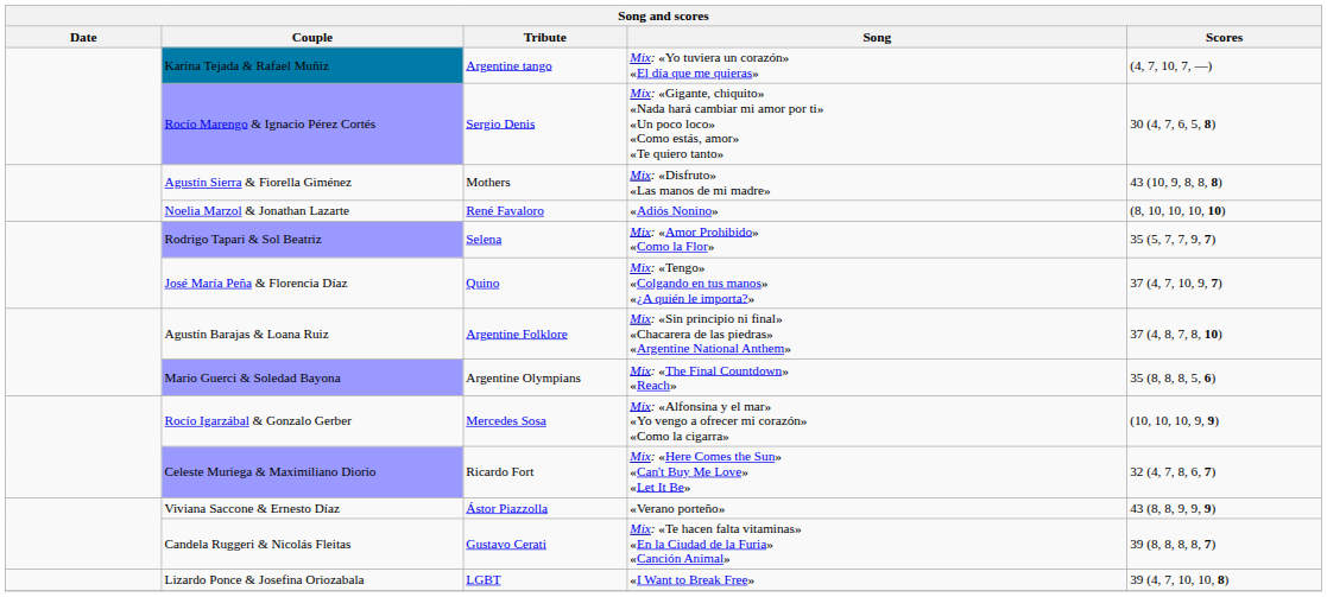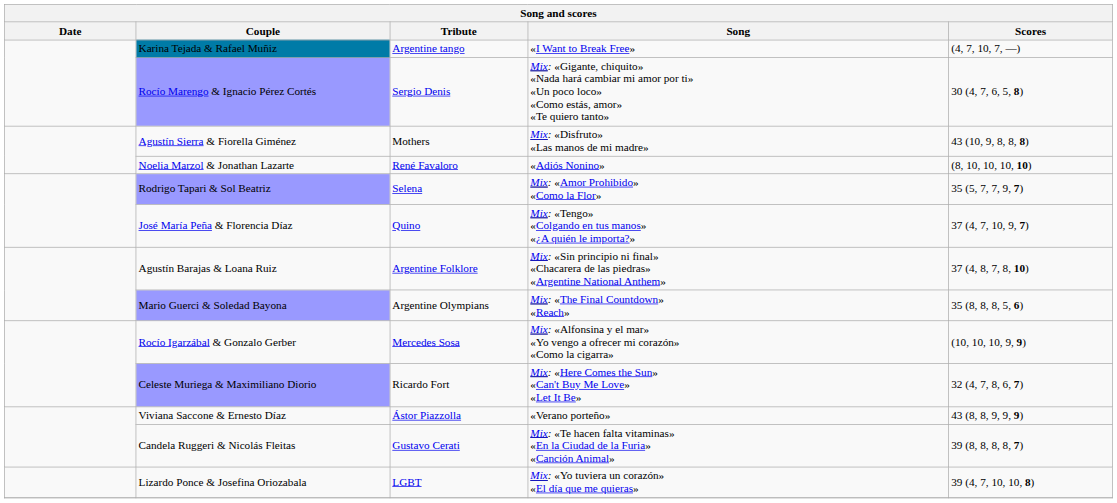 <table class="wikitable collapsible collapsed" style="text-align: align; width: 100%;">
 <tr>
 <th colspan="11" style="with: 100%;" align="center">Song and scores</th>
 </tr>
 <tr>
 <th width=95>Date</th>
 <th width=190>Couple</th>
 <th width=100>Tribute</th>
 <th width=320>Song</th>
 <th width=120>Scores</th>
 </tr>
 <tr>
 <td rowspan="2"></td>
 <td bgcolor="#007BA7">Karina Tejada & Rafael Muñiz</td>
 <td><a href='#'>Argentine tango</a></td>
-<td><em><u><a href='#'>Mix</a></u>:</em> «Yo tuviera un corazón» <br>«<a href='#'>El día que me quieras</a>» </td>
+<td>«<a href='#'>I Want to Break Free</a>» </td>
 <td> (4, 7, 10, 7, <strong>—</strong>)</td>
 </tr>
 <tr>
 <td bgcolor="#9999FF"><a href='#'>Rocío Marengo</a> & Ignacio Pérez Cortés</td>
 <td><a href='#'>Sergio Denis</a></td>
 <td><em><u><a href='#'>Mix</a></u>:</em> «Gigante, chiquito»<br>«Nada hará cambiar mi amor por ti»<br>«Un poco loco»<br>«Como estás, amor»<br>«Te quiero tanto» </td>
 <td>30 (4, 7, 6, 5, <strong>8</strong>)</td>
 </tr>
 <tr>
 <td rowspan="2"></td>
 <td><a href='#'>Agustín Sierra</a> & Fiorella Giménez</td>
 <td>Mothers</td>
 <td><em><u><a href='#'>Mix</a></u>:</em> «Disfruto» <br>«Las manos de mi madre» </td>
 <td>43 (10, 9, 8, 8, <strong>8</strong>)</td>
 </tr>
 <tr>
 <td><a href='#'>Noelia Marzol</a> & Jonathan Lazarte</td>
 <td><a href='#'>René Favaloro</a></td>
 <td>«<a href='#'>Adiós Nonino</a>» </td>
 <td> (8, 10, 10, 10, <strong>10</strong>)</td>
 </tr>
 <tr>
 <td rowspan="2"></td>
 <td bgcolor="#9999FF">Rodrigo Tapari & Sol Beatriz</td>
 <td><a href='#'>Selena</a></td>
 <td><em><u><a href='#'>Mix</a></u>:</em> «<a href='#'>Amor Prohibido</a>» <br>«<a href='#'>Como la Flor</a>» </td>
 <td>35 (5, 7, 7, 9, <strong>7</strong>)</td>
 </tr>
 <tr>
 <td><a href='#'>José María Peña</a> & Florencia Díaz</td>
 <td><a href='#'>Quino</a></td>
 <td><em><u><a href='#'>Mix</a></u>:</em> «Tengo» <br>«<a href='#'>Colgando en tus manos</a>» <br>«<a href='#'>¿A quién le importa?</a>» </td>
 <td>37 (4, 7, 10, 9, <strong>7</strong>)</td>
 </tr>
 <tr>
 <td rowspan="2"></td>
 <td>Agustín Barajas & Loana Ruiz</td>
 <td><a href='#'>Argentine Folklore</a></td>
 <td><em><u><a href='#'>Mix</a></u>:</em> «Sin principio ni final» <br>«Chacarera de las piedras» <br>«<a href='#'>Argentine National Anthem</a>» </td>
 <td>37 (4, 8, 7, 8, <strong>10</strong>)</td>
 </tr>
 <tr>
 <td bgcolor="#9999FF">Mario Guerci & Soledad Bayona</td>
 <td>Argentine Olympians</td>
 <td><em><u><a href='#'>Mix</a></u>:</em> «<a href='#'>The Final Countdown</a>» <br>«<a href='#'>Reach</a>» </td>
 <td>35 (8, 8, 8, 5, <strong>6</strong>)</td>
 </tr>
 <tr>
 <td rowspan="2"></td>
 <td><a href='#'>Rocío Igarzábal</a> & Gonzalo Gerber</td>
 <td><a href='#'>Mercedes Sosa</a></td>
 <td><em><u><a href='#'>Mix</a></u>:</em> «Alfonsina y el mar» <br>«Yo vengo a ofrecer mi corazón» <br>«Como la cigarra» </td>
 <td> (10, 10, 10, 9, <strong>9</strong>)</td>
 </tr>
 <tr>
 <td bgcolor="#9999FF">Celeste Muriega & Maximiliano Diorio</td>
 <td>Ricardo Fort</td>
 <td><em><u><a href='#'>Mix</a></u>:</em> «<a href='#'>Here Comes the Sun</a>»<br>«<a href='#'>Can't Buy Me Love</a>»<br>«<a href='#'>Let It Be</a>» </td>
 <td>32 (4, 7, 8, 6, <strong>7</strong>)</td>
 </tr>
 <tr>
 <td rowspan="2"></td>
 <td>Viviana Saccone & Ernesto Díaz</td>
 <td><a href='#'>Ástor Piazzolla</a></td>
 <td>«Verano porteño» </td>
 <td>43 (8, 8, 9, 9, <strong>9</strong>)</td>
 </tr>
 <tr>
 <td>Candela Ruggeri & Nicolás Fleitas</td>
 <td><a href='#'>Gustavo Cerati</a></td>
 <td><em><u><a href='#'>Mix</a></u>:</em> «Te hacen falta vitaminas»<br>«<a href='#'>En la Ciudad de la Furia</a>»<br>«<a href='#'>Canción Animal</a>» </td>
 <td>39 (8, 8, 8, 8, <strong>7</strong>)</td>
 </tr>
 <tr>
 <td></td>
 <td>Lizardo Ponce & Josefina Oriozabala</td>
 <td><a href='#'>LGBT</a></td>
-<td>«<a href='#'>I Want to Break Free</a>» </td>
+<td><em><u><a href='#'>Mix</a></u>:</em> «Yo tuviera un corazón» <br>«<a href='#'>El día que me quieras</a>» </td>
 <td>39 (4, 7, 10, 10, <strong>8</strong>)</td>
 </tr>
 <tr>
 </tr>
 </table>
